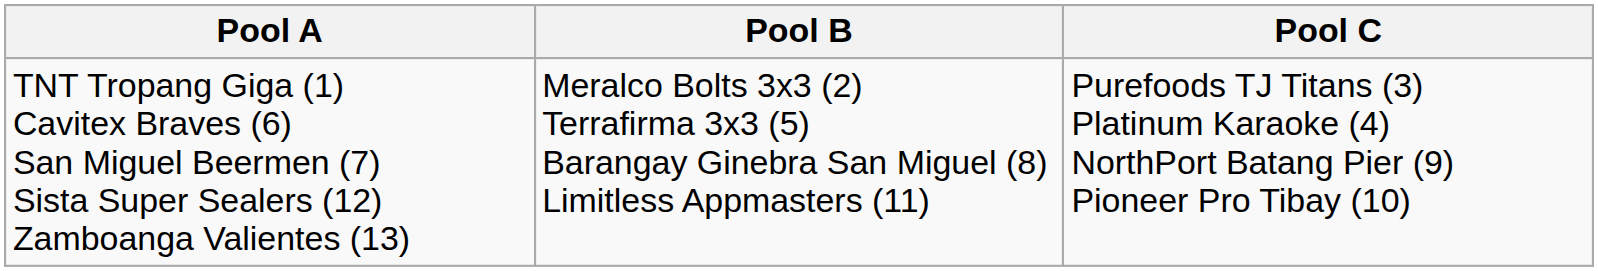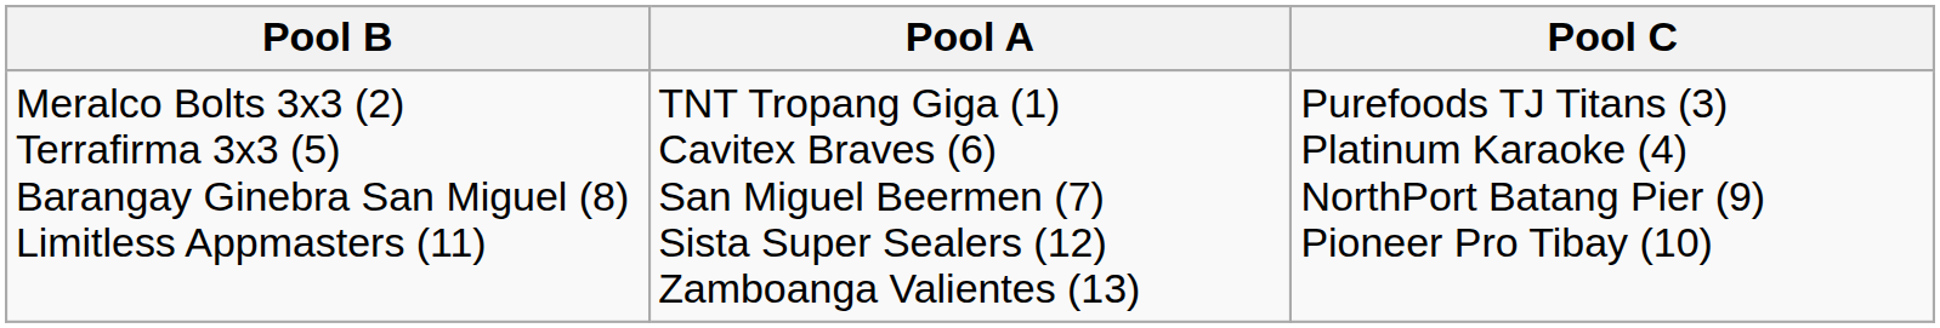 <table class=wikitable width=750>
 <tr>
+<th width=33%>Pool B</th>
 <th width=33%>Pool A</th>
-<th width=33%>Pool B</th>
 <th width=33%>Pool C</th>
 </tr>
 <tr valign=top>
+<td>Meralco Bolts 3x3 (2) <br> Terrafirma 3x3 (5) <br> Barangay Ginebra San Miguel (8) <br> Limitless Appmasters (11)</td>
 <td>TNT Tropang Giga (1) <br> Cavitex Braves (6) <br> San Miguel Beermen (7) <br> Sista Super Sealers (12) <br> Zamboanga Valientes (13)</td>
-<td>Meralco Bolts 3x3 (2) <br> Terrafirma 3x3 (5) <br> Barangay Ginebra San Miguel (8) <br> Limitless Appmasters (11)</td>
 <td>Purefoods TJ Titans (3) <br> Platinum Karaoke (4) <br> NorthPort Batang Pier (9) <br> Pioneer Pro Tibay (10)</td>
 </tr>
 </table>
